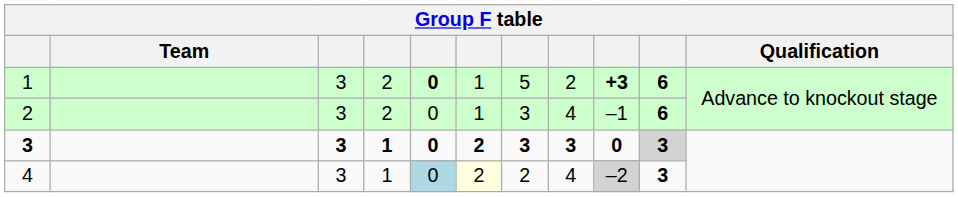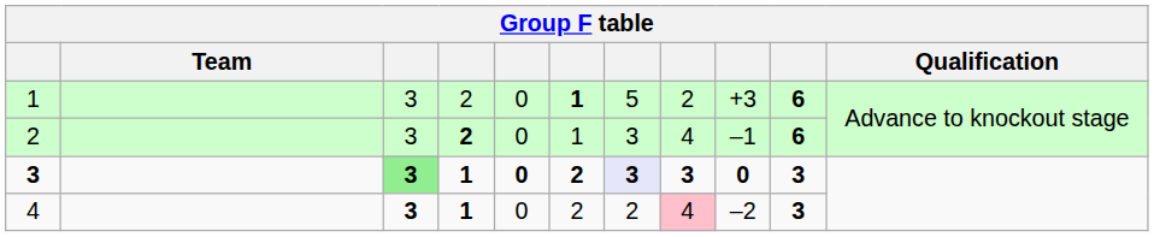 <table class="wikitable" style="text-align:center">
 <tr>
 <th colspan="11"><a href='#'>Group F</a> table</th>
 </tr>
 <tr>
 <th width="30"></th>
 <th width="210">Team</th>
 <th width="30"></th>
 <th width="30"></th>
 <th width="30"></th>
 <th width="30"></th>
 <th width="30"></th>
 <th width="30"></th>
 <th width="30"></th>
 <th width="30"></th>
 <th width="210">Qualification</th>
 </tr>
 <tr bgcolor="#ccffcc">
 <td>1</td>
 <td align="left"></td>
 <td>3</td>
 <td>2</td>
-<td><strong>0</strong></td>
-<td>1</td>
+<td>0</td>
+<td><strong>1</strong></td>
 <td>5</td>
 <td>2</td>
-<td><strong>+3</strong></td>
+<td>+3</td>
 <td><strong>6</strong></td>
 <td rowspan="2">Advance to knockout stage</td>
 </tr>
 <tr bgcolor="#ccffcc">
 <td>2</td>
 <td align="left"></td>
 <td>3</td>
-<td>2</td>
+<td><strong>2</strong></td>
 <td>0</td>
 <td>1</td>
 <td>3</td>
 <td>4</td>
 <td>–1</td>
 <td><strong>6</strong></td>
 </tr>
 <tr>
 <td><strong>3</strong></td>
 <td align="left"><strong></strong></td>
-<td><strong>3</strong></td>
+<td style="background: lightgreen;"><strong>3</strong></td>
 <td><strong>1</strong></td>
 <td><strong>0</strong></td>
 <td><strong>2</strong></td>
-<td><strong>3</strong></td>
+<td style="background: lavender;"><strong>3</strong></td>
 <td><strong>3</strong></td>
 <td><strong>0</strong></td>
-<td style="background: lightgrey;"><strong>3</strong></td>
+<td><strong>3</strong></td>
 <td rowspan="2"></td>
 </tr>
 <tr>
 <td>4</td>
 <td align="left"></td>
-<td>3</td>
-<td>1</td>
-<td style="background: lightblue;">0</td>
-<td style="background: lightyellow;">2</td>
+<td><strong>3</strong></td>
+<td><strong>1</strong></td>
+<td>0</td>
 <td>2</td>
-<td>4</td>
-<td style="background: lightgrey;">–2</td>
+<td>2</td>
+<td style="background: pink;">4</td>
+<td>–2</td>
 <td><strong>3</strong></td>
 </tr>
 </table>
